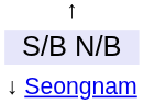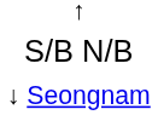 <table style="text-align:center;">
 <tr>
 <td><small>  ↑ </small></td>
 </tr>
 <tr>
-<td style="background: lavender;"><span>S/B</span>   <span>N/B</span></td>
+<td><span>S/B</span>   <span>N/B</span></td>
 </tr>
 <tr>
 <td><small> ↓  <a href='#'>Seongnam</a> </small></td>
 </tr>
 </table>
